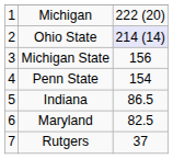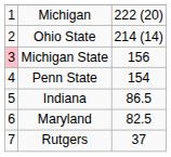 <table class="wikitable" style="display: inline-table;">
 <tr align="center">
 </tr>
 <tr align="center">
 <td>1</td>
 <td>Michigan</td>
 <td>222 (20)</td>
 </tr>
 <tr align="center">
 <td>2</td>
 <td>Ohio State</td>
-<td style="background: lavender;">214 (14)</td>
+<td>214 (14)</td>
 </tr>
 <tr align="center">
-<td>3</td>
+<td style="background: pink;">3</td>
 <td>Michigan State</td>
 <td>156</td>
 </tr>
 <tr align="center">
 <td>4</td>
 <td>Penn State</td>
 <td>154</td>
 </tr>
 <tr align="center">
 <td>5</td>
 <td>Indiana</td>
 <td>86.5</td>
 </tr>
 <tr align="center">
 <td>6</td>
 <td>Maryland</td>
 <td>82.5</td>
 </tr>
 <tr align="center">
 <td>7</td>
 <td>Rutgers</td>
 <td>37</td>
 </tr>
 </table>
